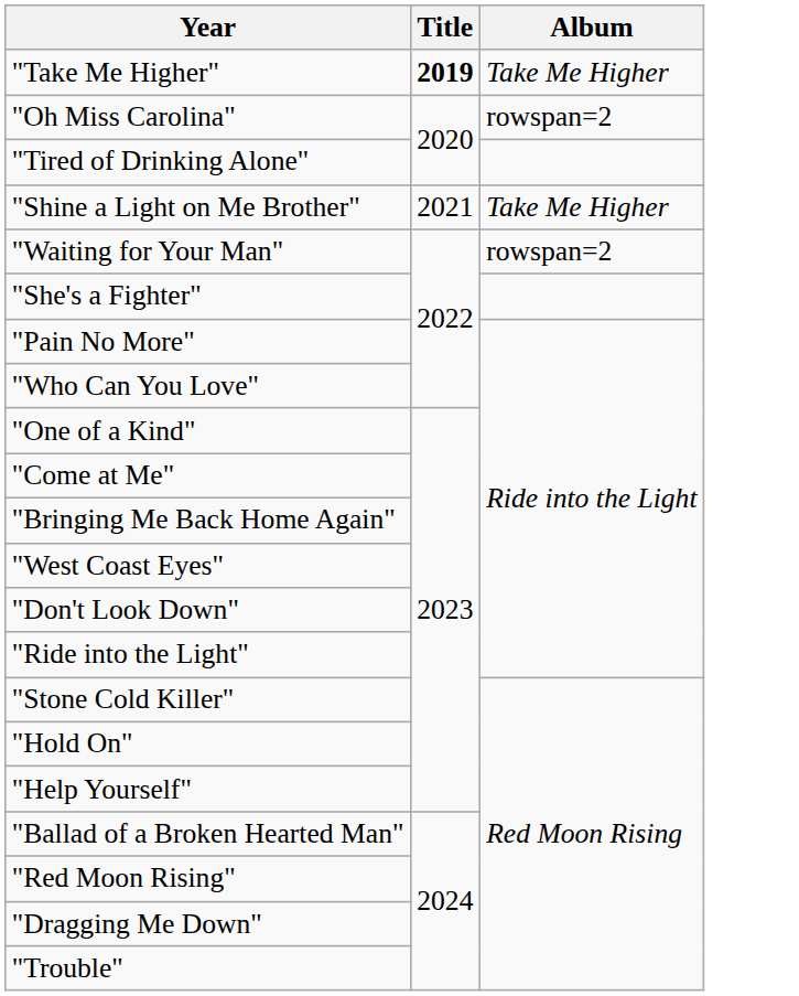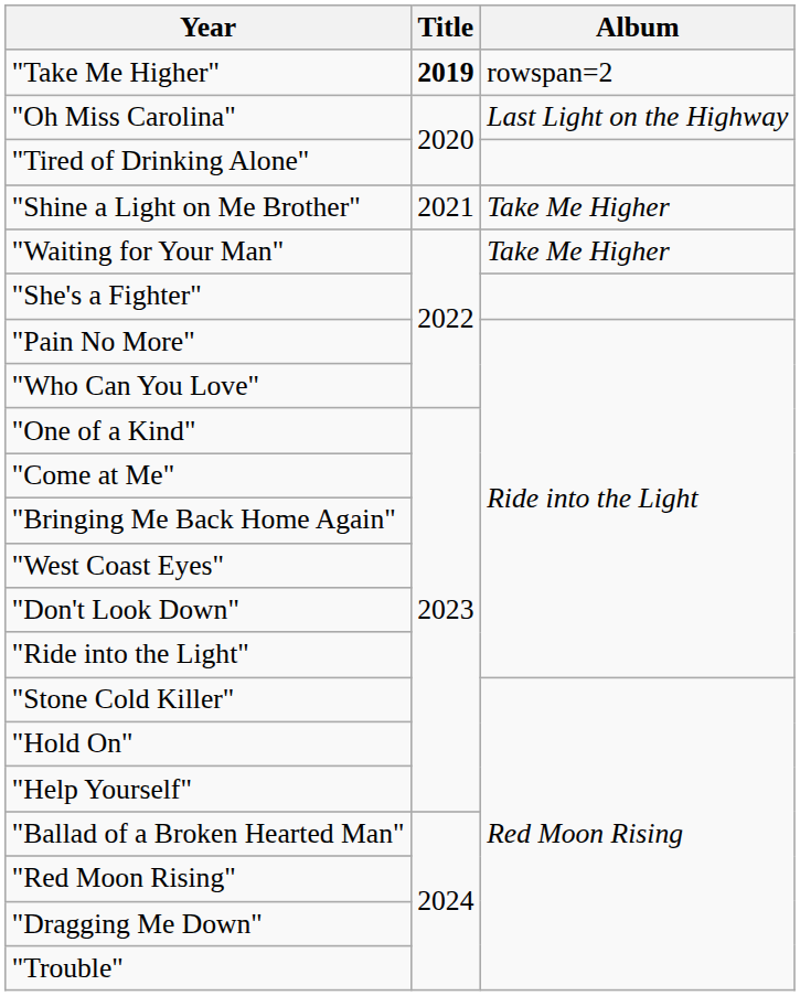 <table class="wikitable">
 <tr>
 <th>Year</th>
 <th>Title</th>
 <th>Album</th>
 </tr>
 <tr>
 <td>"Take Me Higher"</td>
 <td><strong>2019</strong></td>
-<td><em>Take Me Higher</em></td>
+<td>rowspan=2 </td>
 </tr>
 <tr>
 <td>"Oh Miss Carolina"</td>
 <td rowspan=2>2020</td>
-<td>rowspan=2 </td>
+<td><em>Last Light on the Highway</em></td>
 </tr>
 <tr>
 <td>"Tired of Drinking Alone"</td>
 <td></td>
 </tr>
 <tr>
 <td>"Shine a Light on Me Brother"</td>
 <td>2021</td>
 <td><em>Take Me Higher</em></td>
 </tr>
 <tr>
 <td>"Waiting for Your Man"</td>
 <td rowspan=4>2022</td>
-<td>rowspan=2 </td>
+<td><em>Take Me Higher</em></td>
 </tr>
 <tr>
 <td>"She's a Fighter"</td>
 </tr>
 <tr>
 <td>"Pain No More"</td>
 <td rowspan=8><em>Ride into the Light</em></td>
 </tr>
 <tr>
 <td>"Who Can You Love"</td>
 </tr>
 <tr>
 <td>"One of a Kind"</td>
 <td rowspan=9>2023</td>
 </tr>
 <tr>
 <td>"Come at Me"</td>
 </tr>
 <tr>
 <td>"Bringing Me Back Home Again"</td>
 </tr>
 <tr>
 <td>"West Coast Eyes"</td>
 </tr>
 <tr>
 <td>"Don't Look Down"</td>
 </tr>
 <tr>
 <td>"Ride into the Light"</td>
 </tr>
 <tr>
 <td>"Stone Cold Killer"</td>
 <td rowspan=7><em>Red Moon Rising</em></td>
 </tr>
 <tr>
 <td>"Hold On"</td>
 </tr>
 <tr>
 <td>"Help Yourself"</td>
 </tr>
 <tr>
 <td>"Ballad of a Broken Hearted Man"</td>
 <td rowspan=4>2024</td>
 </tr>
 <tr>
 <td>"Red Moon Rising"</td>
 </tr>
 <tr>
 <td>"Dragging Me Down"</td>
 </tr>
 <tr>
 <td>"Trouble"</td>
 </tr>
 </table>
